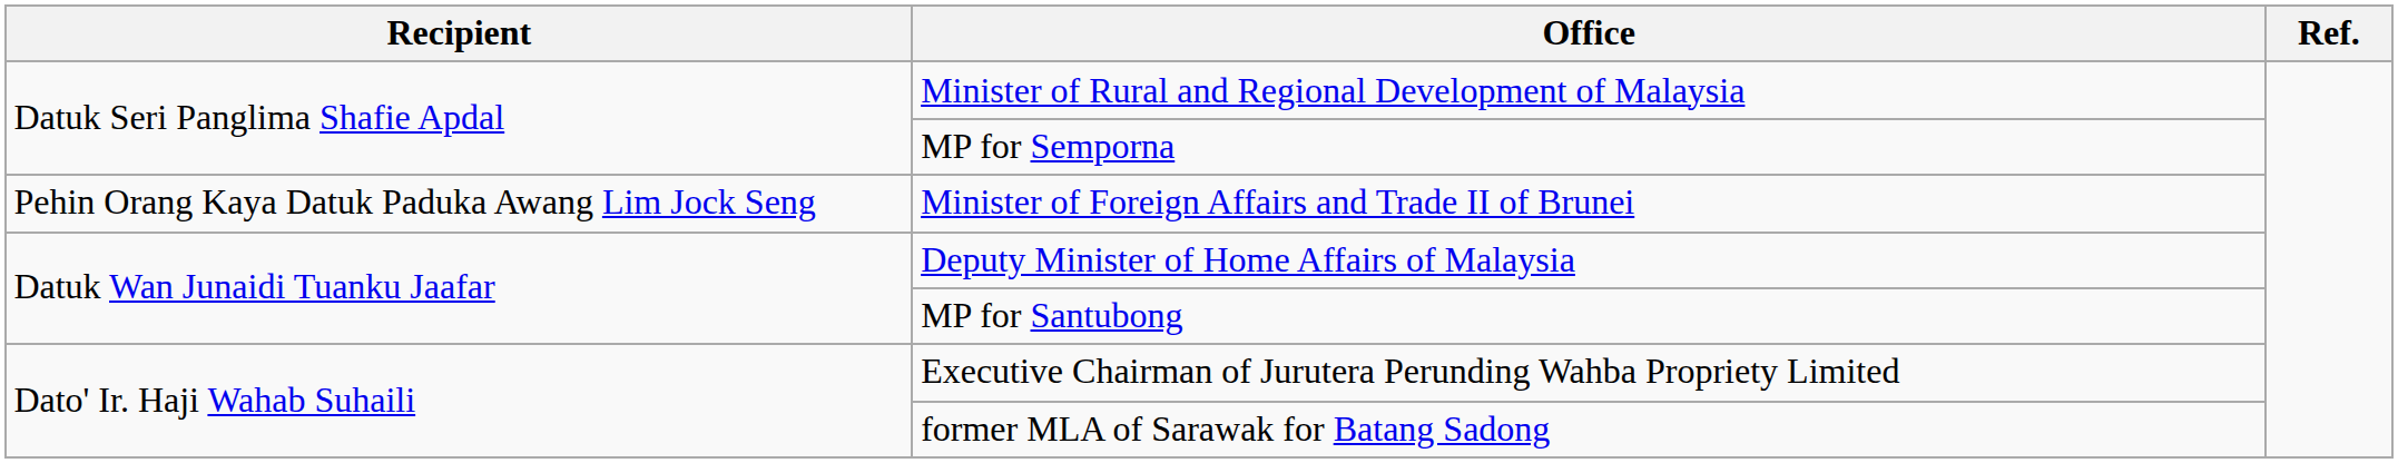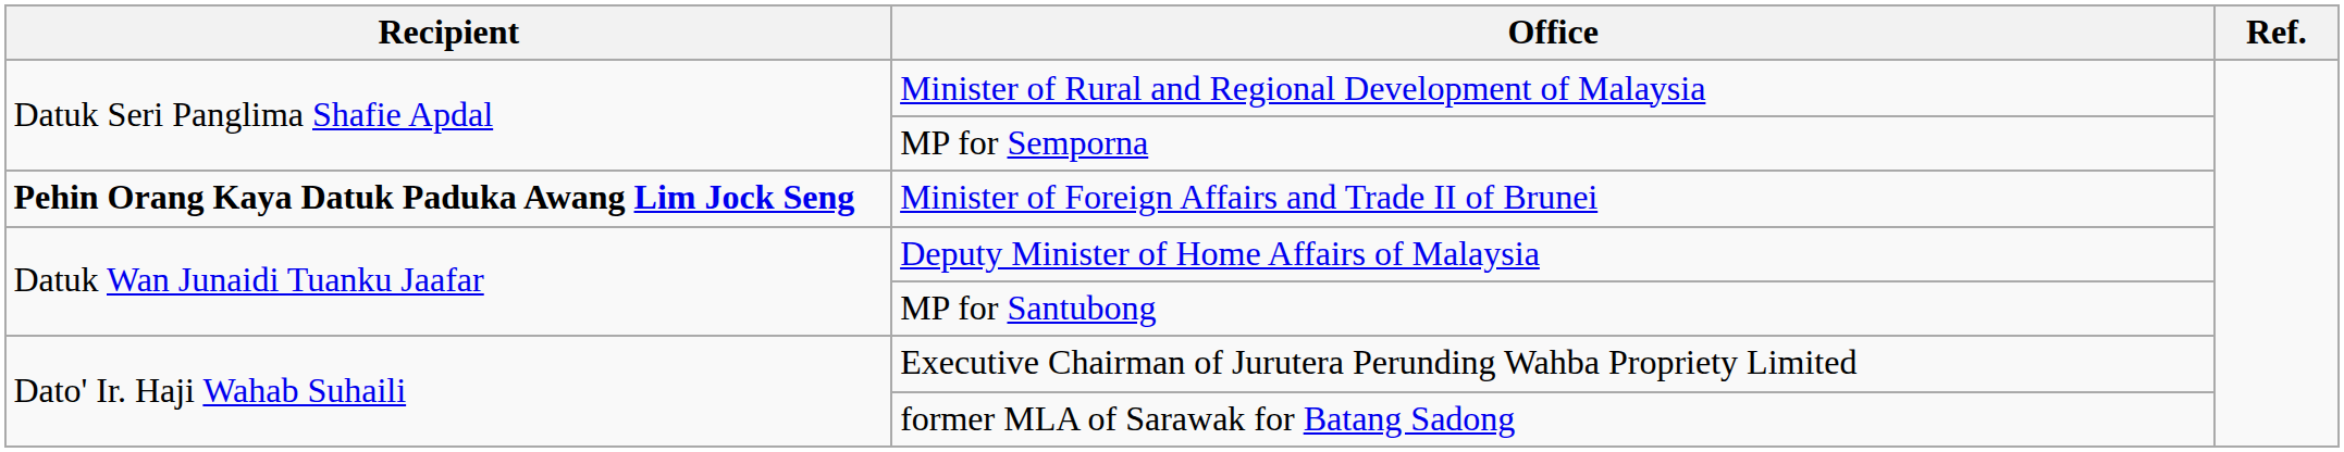 <table class="wikitable">
 <tr>
 <th width=400>Recipient</th>
 <th width=600>Office</th>
 <th width=50>Ref.</th>
 </tr>
 <tr>
 <td rowspan="2">Datuk Seri Panglima <a href='#'>Shafie Apdal</a></td>
 <td><a href='#'>Minister of Rural and Regional Development of Malaysia</a></td>
 <td rowspan="7" align=center></td>
 </tr>
 <tr>
 <td>MP for <a href='#'>Semporna</a></td>
 </tr>
 <tr>
-<td>Pehin Orang Kaya Datuk Paduka Awang <a href='#'>Lim Jock Seng</a></td>
+<td><strong>Pehin Orang Kaya Datuk Paduka Awang <a href='#'>Lim Jock Seng</a></strong></td>
 <td><a href='#'>Minister of Foreign Affairs and Trade II of Brunei</a></td>
 </tr>
 <tr>
 <td rowspan="2">Datuk <a href='#'>Wan Junaidi Tuanku Jaafar</a></td>
 <td><a href='#'>Deputy Minister of Home Affairs of Malaysia</a></td>
 </tr>
 <tr>
 <td>MP for <a href='#'>Santubong</a></td>
 </tr>
 <tr>
 <td rowspan="2">Dato' Ir. Haji <a href='#'>Wahab Suhaili</a></td>
 <td>Executive Chairman of Jurutera Perunding Wahba Propriety Limited</td>
 </tr>
 <tr>
 <td>former MLA of Sarawak for <a href='#'>Batang Sadong</a></td>
 </tr>
 </table>
